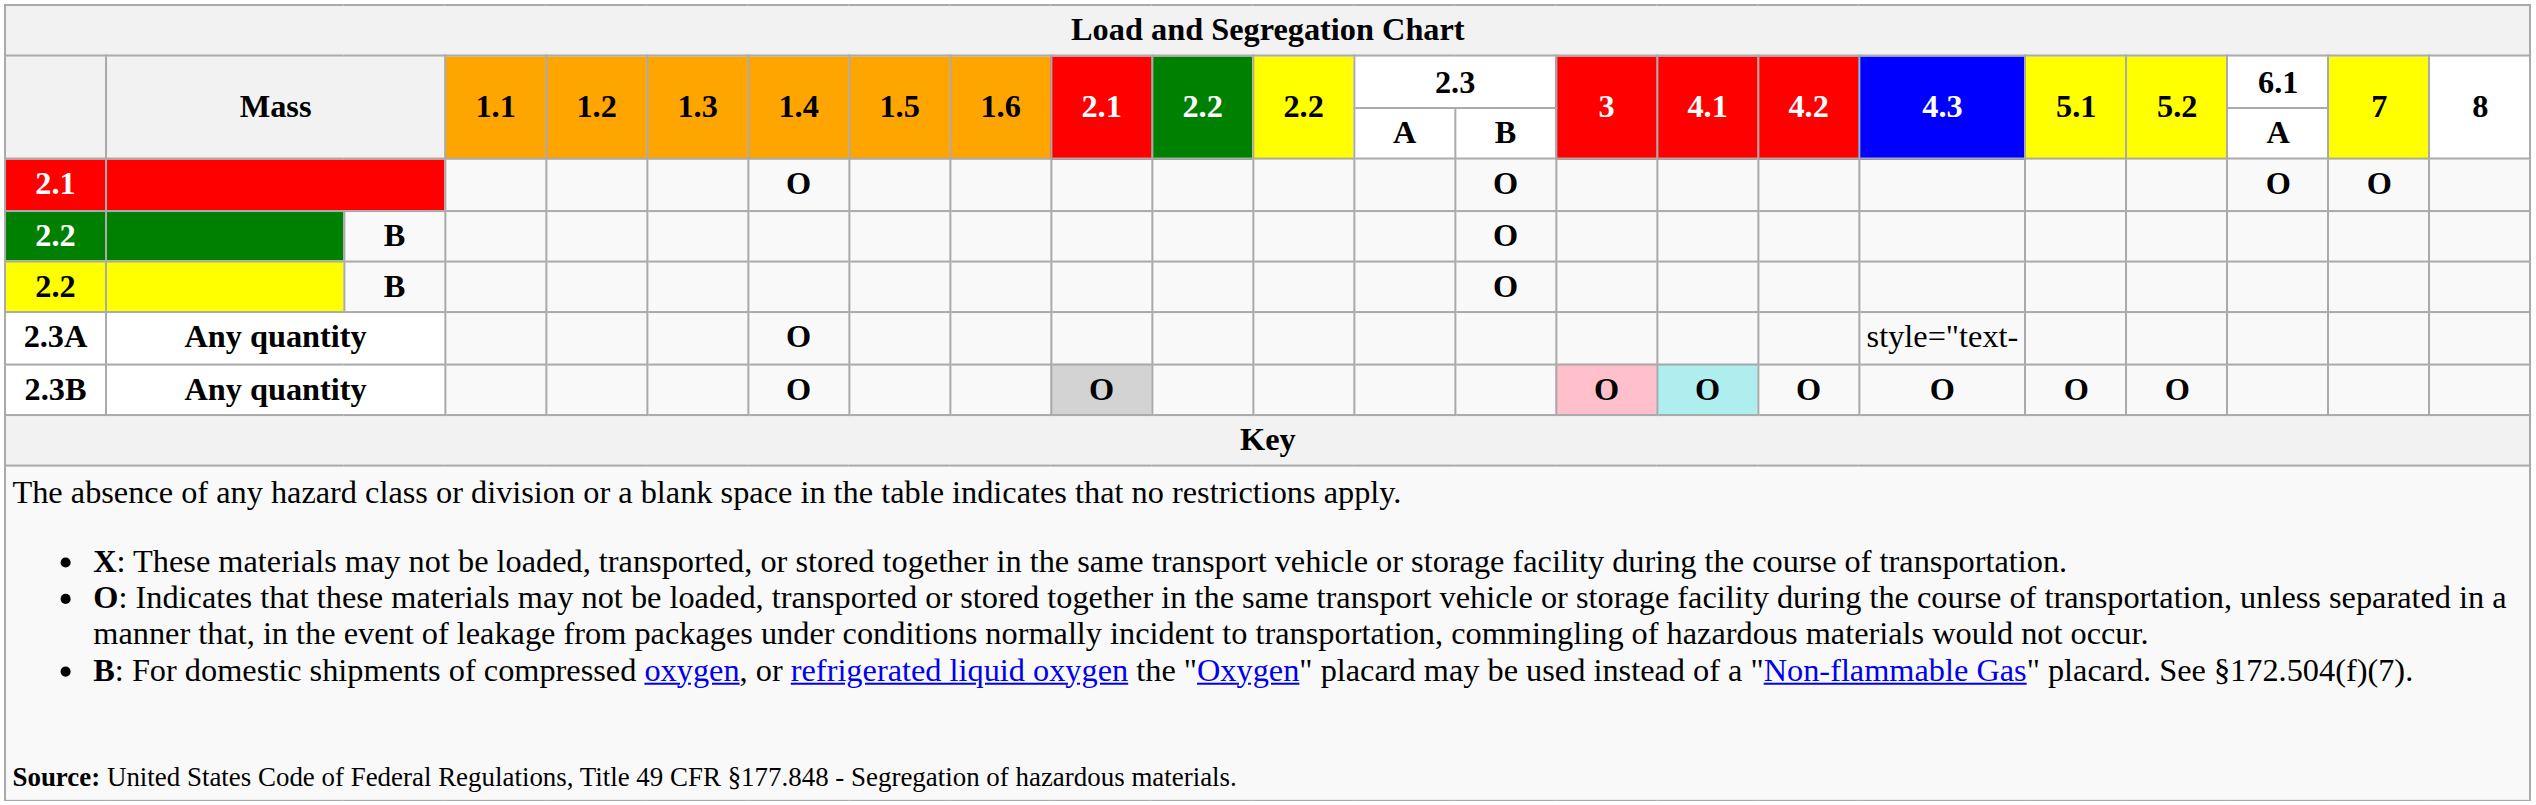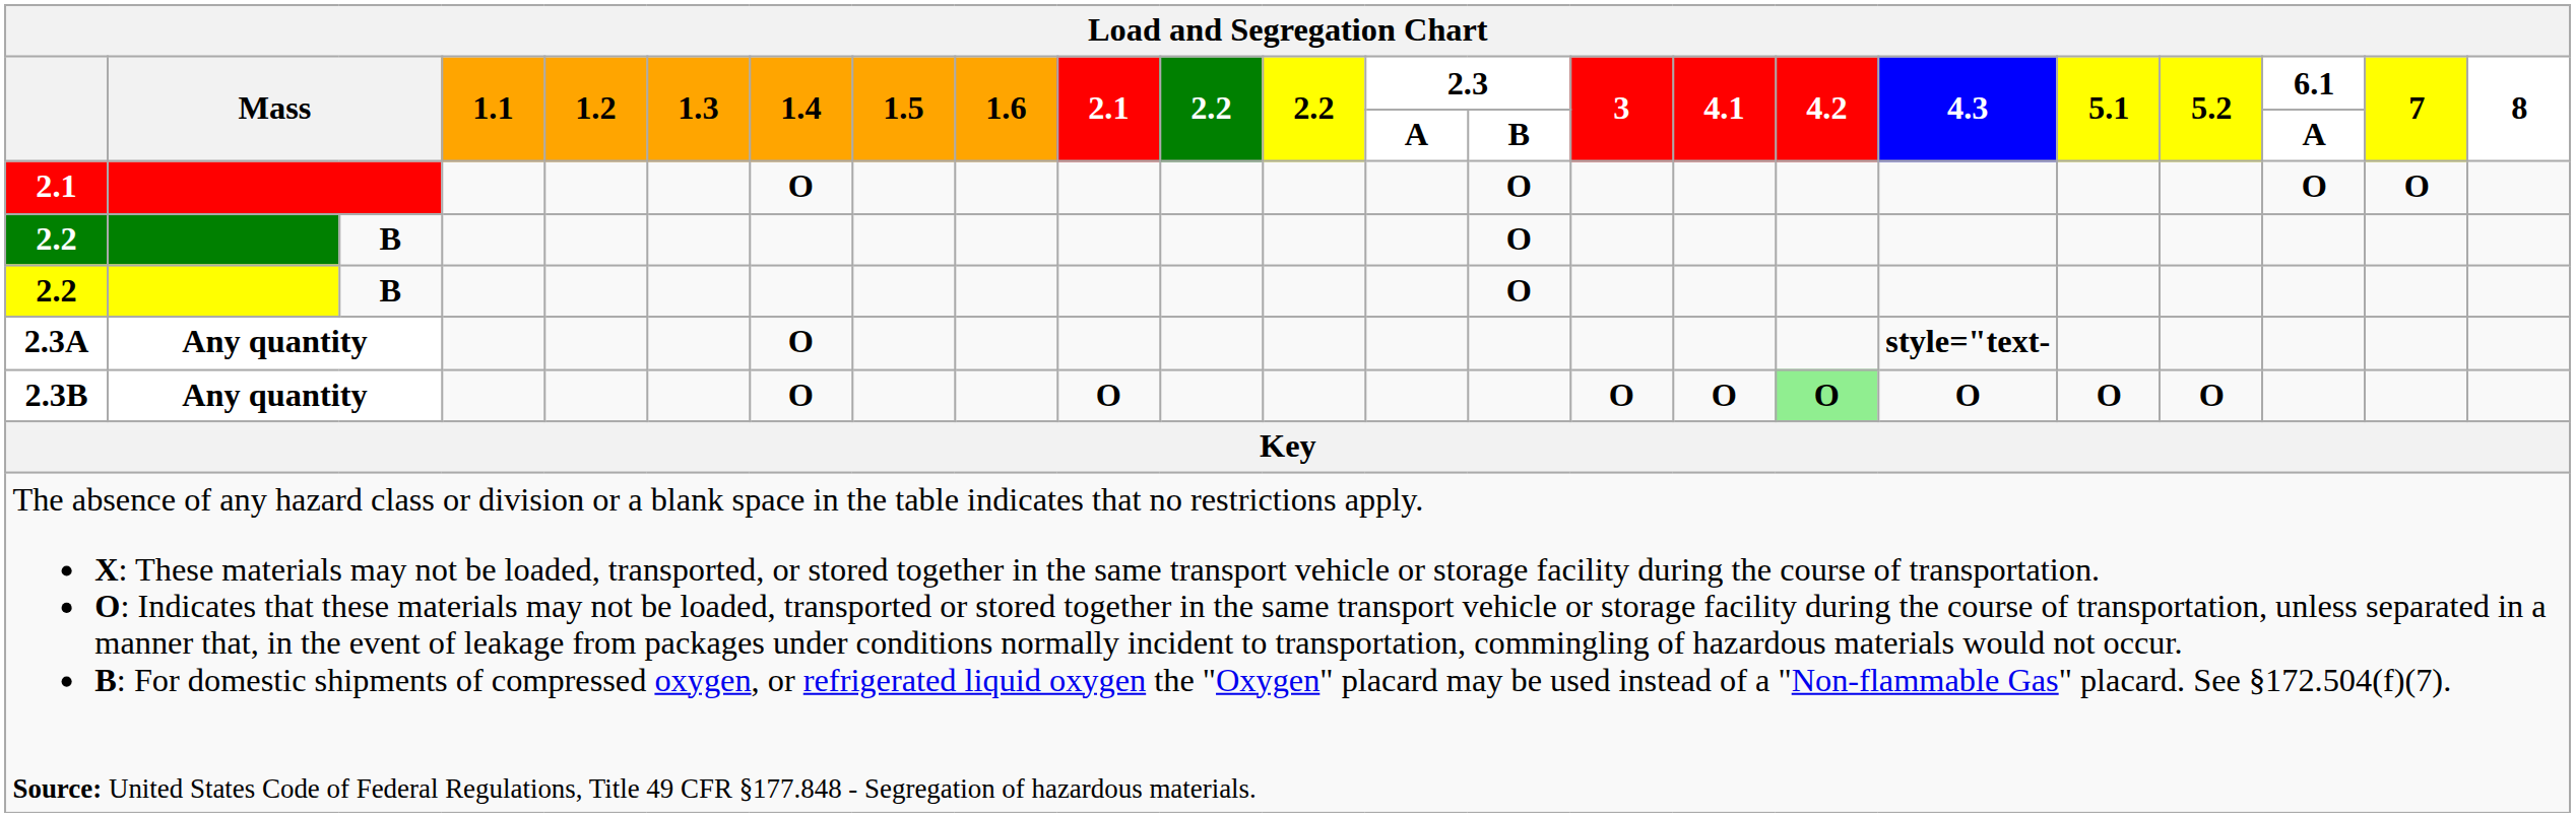 <table width=99% align=center class=wikitable>
 <tr>
 <th colspan=23>Load and Segregation Chart</th>
 </tr>
 <tr>
 <th rowspan=2 width=4%> </th>
 <th colspan=2 rowspan=2>Mass</th>
 <td rowspan=2 style="text-align:center;background-color:orange;" width=4%><strong>1.1</strong></td>
 <td rowspan=2 style="text-align:center;background-color:orange;" width=4%><strong>1.2</strong></td>
 <td rowspan=2 style="text-align:center;background-color:orange;" width=4%><strong>1.3</strong></td>
 <td rowspan=2 style="text-align:center;background-color:orange;" width=4%><strong>1.4</strong></td>
 <td rowspan=2 style="text-align:center;background-color:orange;" width=4%><strong>1.5</strong></td>
 <td rowspan=2 style="text-align:center;background-color:orange;" width=4%><strong>1.6</strong></td>
 <td rowspan=2 style="text-align:center;background-color:red;color:white;" width=4%><strong>2.1</strong></td>
 <td rowspan=2 style="text-align:center;background-color:green;color:white;" width=4%><strong>2.2</strong></td>
 <td rowspan=2 style="text-align:center;background-color:yellow;" width=4%><strong>2.2</strong></td>
 <td colspan=2 style="text-align:center;background-color:white;" width=8%><strong>2.3</strong></td>
 <td rowspan=2 style="text-align:center;background-color:red;color:white;" width=4%><strong>3</strong></td>
 <td rowspan=2 style="text-align:center;background-color:red;color:white;" width=4%><strong>4.1</strong></td>
 <td rowspan=2 style="text-align:center;background-color:red;color:white;" width=4%><strong>4.2</strong></td>
 <td rowspan=2 style="text-align:center;background-color:blue;color:white;" width=4%><strong>4.3</strong></td>
 <td rowspan=2 style="text-align:center;background-color:yellow;" width=4%><strong>5.1</strong></td>
 <td rowspan=2 style="text-align:center;background-color:yellow;" width=4%><strong>5.2</strong></td>
 <td style="text-align:center;background-color:white;" width=4%><strong>6.1</strong></td>
 <td rowspan=2 style="text-align:center;background-color:yellow;" width=4%><strong>7</strong></td>
 <td rowspan=2 style="text-align:center;background-color:white;" width=4%><strong>8</strong></td>
 </tr>
 <tr>
 <td style="text-align:center;background-color:white;" width=4%><strong>A</strong></td>
 <td style="text-align:center;background-color:white;" width=4%><strong>B</strong></td>
 <td style="text-align:center;background-color:white;"><strong>A</strong></td>
 </tr>
 <tr>
 <td style="text-align:center;background-color:red;color:white;"><strong>2.1</strong></td>
 <td colspan=2 style="text-align:center;background-color:red;color:white;"><strong></strong></td>
 <td></td>
 <td></td>
 <td></td>
 <td style="text-align:center;"><strong>O</strong></td>
 <td></td>
 <td style="text-align:center;"> </td>
 <td style="text-align:center;"> </td>
 <td style="text-align:center;"> </td>
 <td style="text-align:center;"> </td>
 <td></td>
 <td style="text-align:center;"><strong>O</strong></td>
 <td style="text-align:center;"> </td>
 <td style="text-align:center;"> </td>
 <td style="text-align:center;"> </td>
 <td style="text-align:center;"> </td>
 <td style="text-align:center;"> </td>
 <td style="text-align:center;"> </td>
 <td style="text-align:center;"><strong>O</strong></td>
 <td style="text-align:center;"><strong>O</strong></td>
 <td style="text-align:center;"> </td>
 </tr>
 <tr>
 <td style="text-align:center;background-color:green;color:white;"><strong>2.2</strong></td>
 <td style="text-align:center;background-color:green;color:white;"><strong></strong></td>
 <td style="text-align:center;" width=4%><strong>B</strong></td>
 <td></td>
 <td style="text-align:center;"> </td>
 <td style="text-align:center;"> </td>
 <td style="text-align:center;"> </td>
 <td></td>
 <td style="text-align:center;"> </td>
 <td style="text-align:center;"> </td>
 <td style="text-align:center;"> </td>
 <td style="text-align:center;"> </td>
 <td></td>
 <td style="text-align:center;"><strong>O</strong></td>
 <td style="text-align:center;"> </td>
 <td style="text-align:center;"> </td>
 <td style="text-align:center;"> </td>
 <td style="text-align:center;"> </td>
 <td style="text-align:center;"> </td>
 <td style="text-align:center;"> </td>
 <td style="text-align:center;"> </td>
 <td style="text-align:center;"> </td>
 <td style="text-align:center;"> </td>
 </tr>
 <tr>
 <td style="text-align:center;background-color:yellow;"><strong>2.2</strong></td>
 <td style="text-align:center;background-color:yellow;"><strong></strong></td>
 <td style="text-align:center;" width=4%><strong>B</strong></td>
 <td></td>
 <td style="text-align:center;"> </td>
 <td style="text-align:center;"> </td>
 <td style="text-align:center;"> </td>
 <td></td>
 <td style="text-align:center;"> </td>
 <td style="text-align:center;"> </td>
 <td style="text-align:center;"> </td>
 <td style="text-align:center;"> </td>
 <td></td>
 <td style="text-align:center;"><strong>O</strong></td>
 <td style="text-align:center;"> </td>
 <td style="text-align:center;"> </td>
 <td style="text-align:center;"> </td>
 <td style="text-align:center;"> </td>
 <td style="text-align:center;"> </td>
 <td style="text-align:center;"> </td>
 <td style="text-align:center;"> </td>
 <td style="text-align:center;"> </td>
 <td style="text-align:center;"> </td>
 </tr>
 <tr>
 <td style="text-align:center;background-color:white;"><strong>2.3A</strong></td>
 <td colspan=2 style="text-align:center;background-color:white;"><strong>Any quantity</strong></td>
 <td></td>
 <td></td>
 <td></td>
 <td style="text-align:center;"><strong>O</strong></td>
 <td></td>
 <td style="text-align:center;"> </td>
 <td></td>
 <td style="text-align:center;"> </td>
 <td style="text-align:center;"> </td>
 <td style="text-align:center;"> </td>
 <td style="text-align:center;"> </td>
 <td></td>
 <td></td>
 <td></td>
-<td>style="text-</td>
+<td><strong>style="text-</strong></td>
 <td></td>
 <td></td>
 <td style="text-align:center;"> </td>
 <td style="text-align:center;"> </td>
 <td></td>
 </tr>
 <tr>
 <td style="text-align:center;background-color:white;"><strong>2.3B</strong></td>
 <td colspan=2 style="text-align:center;background-color:white;"><strong>Any quantity</strong></td>
 <td></td>
 <td></td>
 <td></td>
 <td style="text-align:center;"><strong>O</strong></td>
 <td></td>
 <td style="text-align:center;"> </td>
-<td style="background: lightgrey; text-align:center;"><strong>O</strong></td>
+<td style="text-align:center;"><strong>O</strong></td>
 <td style="text-align:center;"> </td>
 <td style="text-align:center;"> </td>
 <td style="text-align:center;"> </td>
 <td style="text-align:center;"> </td>
-<td style="background: pink; text-align:center;"><strong>O</strong></td>
-<td style="background: paleturquoise; text-align:center;"><strong>O</strong></td>
 <td style="text-align:center;"><strong>O</strong></td>
+<td style="text-align:center;"><strong>O</strong></td>
+<td style="background: lightgreen; text-align:center;"><strong>O</strong></td>
 <td style="text-align:center;"><strong>O</strong></td>
 <td style="text-align:center;"><strong>O</strong></td>
 <td style="text-align:center;"><strong>O</strong></td>
 <td style="text-align:center;"> </td>
 <td style="text-align:center;"> </td>
 <td style="text-align:center;"> </td>
 </tr>
 <tr>
 <th colspan=23>Key</th>
 </tr>
 <tr>
 <td colspan=23>The absence of any hazard class or division or a blank space in the table indicates that no restrictions apply.<br><ul><li><strong>X</strong>: These materials may not be loaded, transported, or stored together in the same transport vehicle or storage facility during the course of transportation.</li><li><strong>O</strong>: Indicates that these materials may not be loaded, transported or stored together in the same transport vehicle or storage facility during the course of transportation, unless separated in a manner that, in the event of leakage from packages under conditions normally incident to transportation, commingling of hazardous materials would not occur.</li><li><strong>B</strong>: For domestic shipments of compressed <a href='#'>oxygen</a>, or <a href='#'>refrigerated liquid oxygen</a> the "<a href='#'>Oxygen</a>" placard may be used instead of a "<a href='#'>Non-flammable Gas</a>" placard. See §172.504(f)(7).</li></ul><br><small><strong>Source:</strong> United States Code of Federal Regulations, Title 49 CFR §177.848 - Segregation of hazardous materials. </small></td>
 </tr>
 </table>
